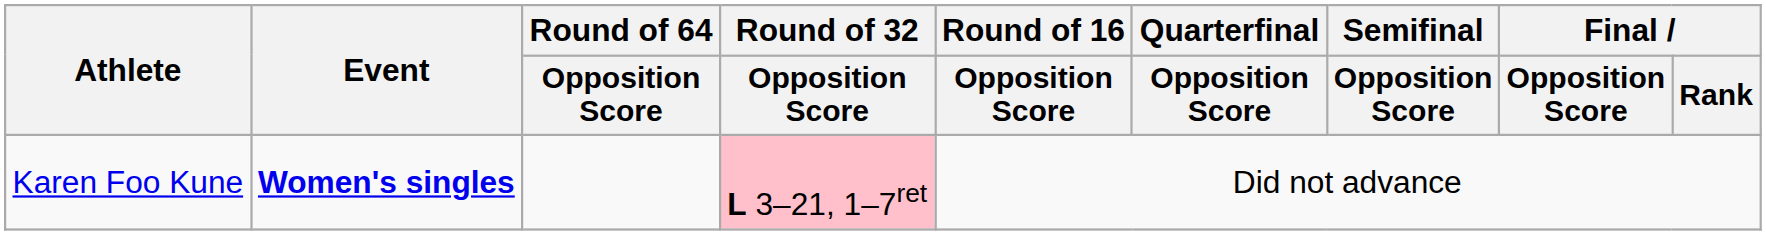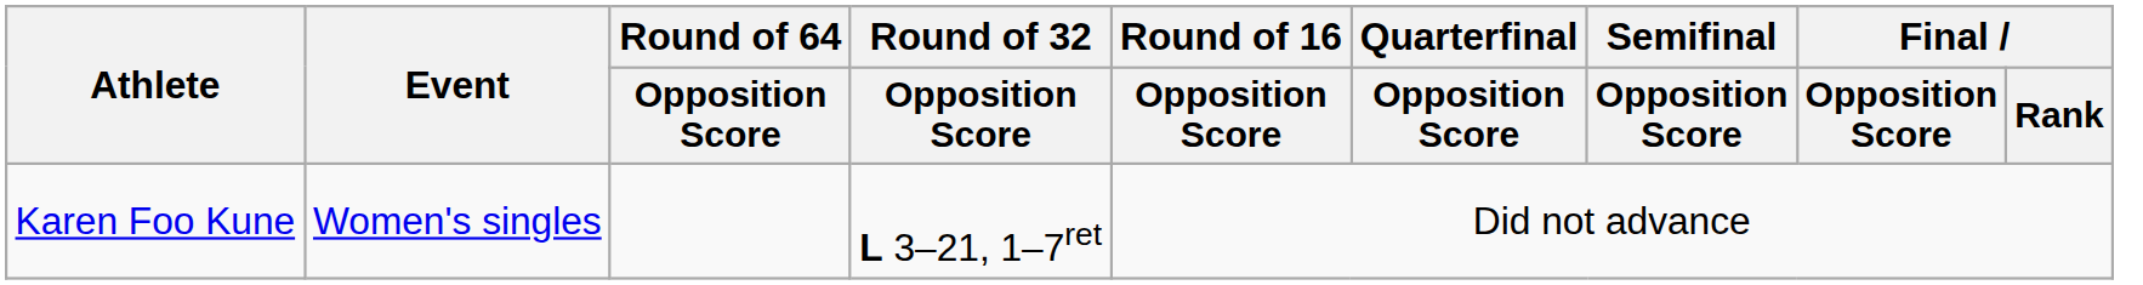 <table class=wikitable style="font-size:90%">
 <tr>
 <th rowspan="2">Athlete</th>
 <th rowspan="2">Event</th>
 <th>Round of 64</th>
 <th>Round of 32</th>
 <th>Round of 16</th>
 <th>Quarterfinal</th>
 <th>Semifinal</th>
 <th colspan=2>Final / </th>
 </tr>
 <tr style="font-size:95%">
 <th>Opposition<br>Score</th>
 <th>Opposition<br>Score</th>
 <th>Opposition<br>Score</th>
 <th>Opposition<br>Score</th>
 <th>Opposition<br>Score</th>
 <th>Opposition<br>Score</th>
 <th>Rank</th>
 </tr>
 <tr align=center>
 <td align=left><a href='#'>Karen Foo Kune</a></td>
-<td align=left><strong><a href='#'>Women's singles</a></strong></td>
+<td align=left><a href='#'>Women's singles</a></td>
 <td></td>
-<td style="background: pink;"><br><strong>L</strong> 3–21, 1–7<sup>ret</sup></td>
+<td><br><strong>L</strong> 3–21, 1–7<sup>ret</sup></td>
 <td colspan=5>Did not advance</td>
 </tr>
 </table>
